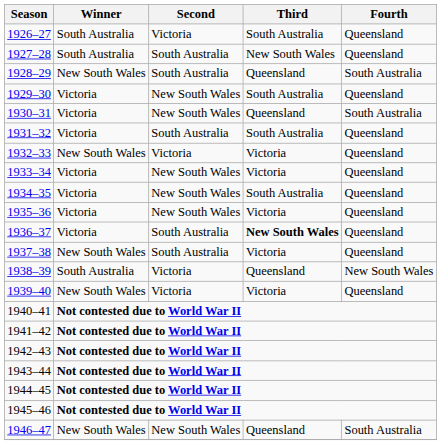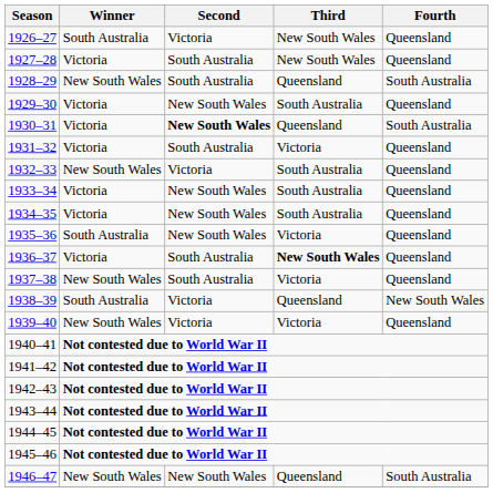 <table class="wikitable">
 <tr style="background:#efefef;">
 <th>Season</th>
 <th>Winner</th>
 <th>Second</th>
 <th>Third</th>
 <th>Fourth</th>
 </tr>
 <tr>
 <td><a href='#'>1926–27</a></td>
 <td style="background-color:#">South Australia</td>
 <td style="background-color:#">Victoria</td>
-<td style="background-color:#">South Australia</td>
+<td style="background-color:#">New South Wales</td>
 <td style="background-color:#">Queensland</td>
 </tr>
 <tr>
 <td><a href='#'>1927–28</a></td>
-<td style="background-color:#">South Australia</td>
+<td style="background-color:#">Victoria</td>
 <td style="background-color:#">South Australia</td>
 <td style="background-color:#">New South Wales</td>
 <td style="background-color:#">Queensland</td>
 </tr>
 <tr>
 <td><a href='#'>1928–29</a></td>
 <td style="background-color:#">New South Wales</td>
 <td style="background-color:#">South Australia</td>
 <td style="background-color:#">Queensland</td>
 <td style="background-color:#">South Australia</td>
 </tr>
 <tr>
 <td><a href='#'>1929–30</a></td>
 <td style="background-color:#">Victoria</td>
 <td style="background-color:#">New South Wales</td>
 <td style="background-color:#">South Australia</td>
 <td style="background-color:#">Queensland</td>
 </tr>
 <tr>
 <td><a href='#'>1930–31</a></td>
 <td style="background-color:#">Victoria</td>
-<td style="background-color:#">New South Wales</td>
+<td style="background-color:#"><strong>New South Wales</strong></td>
 <td style="background-color:#">Queensland</td>
 <td style="background-color:#">South Australia</td>
 </tr>
 <tr>
 <td><a href='#'>1931–32</a></td>
 <td style="background-color:#">Victoria</td>
 <td style="background-color:#">South Australia</td>
-<td style="background-color:#">South Australia</td>
+<td style="background-color:#">Victoria</td>
 <td style="background-color:#">Queensland</td>
 </tr>
 <tr>
 <td><a href='#'>1932–33</a></td>
 <td style="background-color:#">New South Wales</td>
 <td style="background-color:#">Victoria</td>
-<td style="background-color:#">Victoria</td>
+<td style="background-color:#">South Australia</td>
 <td style="background-color:#">Queensland</td>
 </tr>
 <tr>
 <td><a href='#'>1933–34</a></td>
 <td style="background-color:#">Victoria</td>
 <td style="background-color:#">New South Wales</td>
-<td style="background-color:#">Victoria</td>
+<td style="background-color:#">South Australia</td>
 <td style="background-color:#">Queensland</td>
 </tr>
 <tr>
 <td><a href='#'>1934–35</a></td>
 <td style="background-color:#">Victoria</td>
 <td style="background-color:#">New South Wales</td>
 <td style="background-color:#">South Australia</td>
 <td style="background-color:#">Queensland</td>
 </tr>
 <tr>
 <td><a href='#'>1935–36</a></td>
-<td style="background-color:#">Victoria</td>
+<td style="background-color:#">South Australia</td>
 <td style="background-color:#">New South Wales</td>
 <td style="background-color:#">Victoria</td>
 <td style="background-color:#">Queensland</td>
 </tr>
 <tr>
 <td><a href='#'>1936–37</a></td>
 <td style="background-color:#">Victoria</td>
 <td style="background-color:#">South Australia</td>
 <td style="background-color:#"><strong>New South Wales</strong></td>
 <td style="background-color:#">Queensland</td>
 </tr>
 <tr>
 <td><a href='#'>1937–38</a></td>
 <td style="background-color:#">New South Wales</td>
 <td style="background-color:#">South Australia</td>
 <td style="background-color:#">Victoria</td>
 <td style="background-color:#">Queensland</td>
 </tr>
 <tr>
 <td><a href='#'>1938–39</a></td>
 <td style="background-color:#">South Australia</td>
 <td style="background-color:#">Victoria</td>
 <td style="background-color:#">Queensland</td>
 <td style="background-color:#">New South Wales</td>
 </tr>
 <tr>
 <td><a href='#'>1939–40</a></td>
 <td style="background-color:#">New South Wales</td>
 <td style="background-color:#">Victoria</td>
 <td style="background-color:#">Victoria</td>
 <td style="background-color:#">Queensland</td>
 </tr>
 <tr>
 <td>1940–41</td>
 <td colspan="4"><strong>Not contested due to <a href='#'>World War II</a></strong></td>
 </tr>
 <tr>
 <td>1941–42</td>
 <td colspan="4"><strong>Not contested due to <a href='#'>World War II</a></strong></td>
 </tr>
 <tr>
 <td>1942–43</td>
 <td colspan="4"><strong>Not contested due to <a href='#'>World War II</a></strong></td>
 </tr>
 <tr>
 <td>1943–44</td>
 <td colspan="4"><strong>Not contested due to <a href='#'>World War II</a></strong></td>
 </tr>
 <tr>
 <td>1944–45</td>
 <td colspan="4"><strong>Not contested due to <a href='#'>World War II</a></strong></td>
 </tr>
 <tr>
 <td>1945–46</td>
 <td colspan="4"><strong>Not contested due to <a href='#'>World War II</a></strong></td>
 </tr>
 <tr>
 <td><a href='#'>1946–47</a></td>
 <td style="background-color:#">New South Wales</td>
 <td style="background-color:#">New South Wales</td>
 <td style="background-color:#">Queensland</td>
 <td style="background-color:#">South Australia</td>
 </tr>
 <tr>
 </tr>
 </table>
